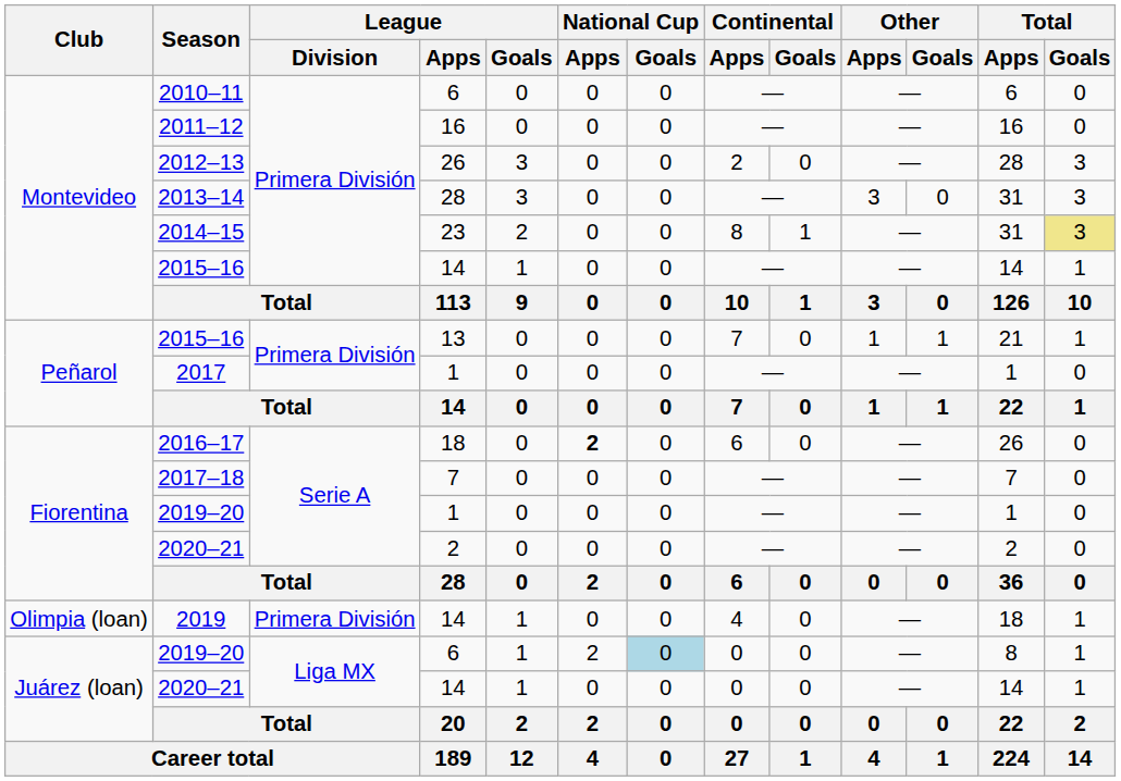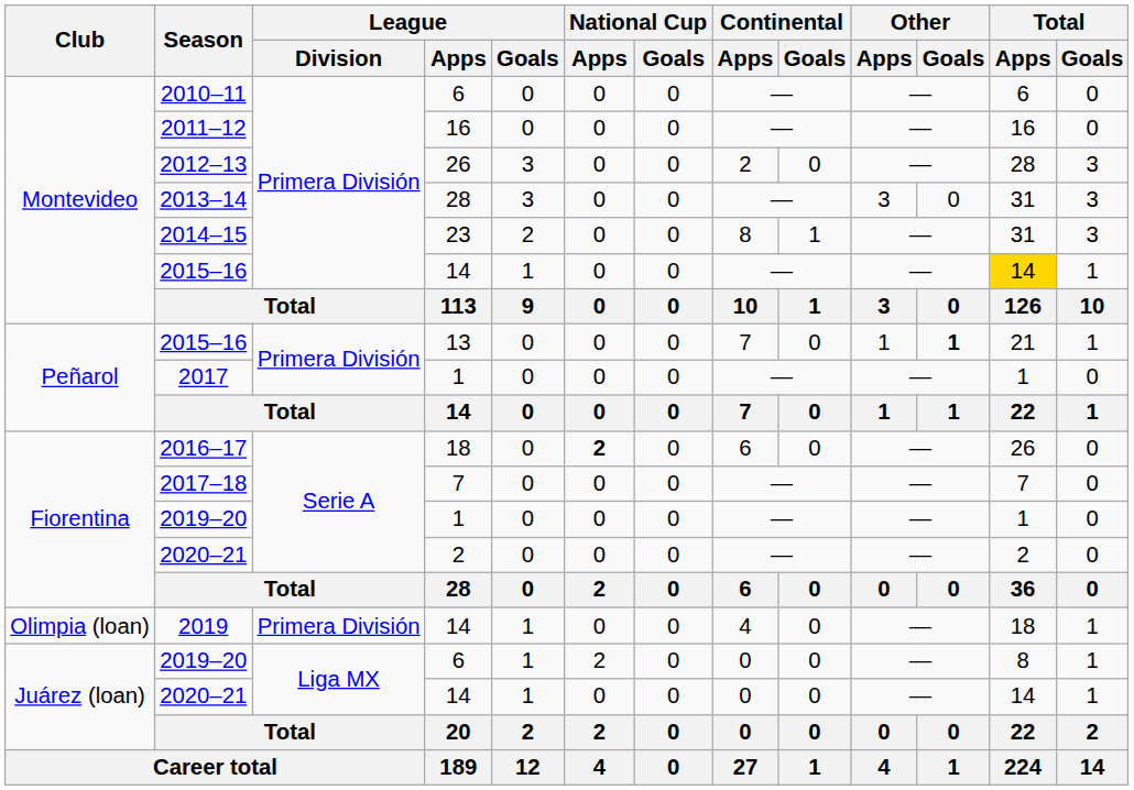 <table class="wikitable" style="text-align: center;">
 <tr>
 <th rowspan="2">Club</th>
 <th rowspan="2">Season</th>
 <th colspan="3">League</th>
 <th colspan="2">National Cup</th>
 <th colspan="2">Continental</th>
 <th colspan="2">Other</th>
 <th colspan="2">Total</th>
 </tr>
 <tr>
 <th>Division</th>
 <th>Apps</th>
 <th>Goals</th>
 <th>Apps</th>
 <th>Goals</th>
 <th>Apps</th>
 <th>Goals</th>
 <th>Apps</th>
 <th>Goals</th>
 <th>Apps</th>
 <th>Goals</th>
 </tr>
 <tr>
 <td rowspan="7"><a href='#'>Montevideo</a></td>
 <td><a href='#'>2010–11</a></td>
 <td rowspan="6"><a href='#'>Primera División</a></td>
 <td>6</td>
 <td>0</td>
 <td>0</td>
 <td>0</td>
 <td colspan="2">—</td>
 <td colspan="2">—</td>
 <td>6</td>
 <td>0</td>
 </tr>
 <tr>
 <td><a href='#'>2011–12</a></td>
 <td>16</td>
 <td>0</td>
 <td>0</td>
 <td>0</td>
 <td colspan="2">—</td>
 <td colspan="2">—</td>
 <td>16</td>
 <td>0</td>
 </tr>
 <tr>
 <td><a href='#'>2012–13</a></td>
 <td>26</td>
 <td>3</td>
 <td>0</td>
 <td>0</td>
 <td>2</td>
 <td>0</td>
 <td colspan="2">—</td>
 <td>28</td>
 <td>3</td>
 </tr>
 <tr>
 <td><a href='#'>2013–14</a></td>
 <td>28</td>
 <td>3</td>
 <td>0</td>
 <td>0</td>
 <td colspan="2">—</td>
 <td>3</td>
 <td>0</td>
 <td>31</td>
 <td>3</td>
 </tr>
 <tr>
 <td><a href='#'>2014–15</a></td>
 <td>23</td>
 <td>2</td>
 <td>0</td>
 <td>0</td>
 <td>8</td>
 <td>1</td>
 <td colspan="2">—</td>
 <td>31</td>
-<td style="background: khaki;">3</td>
+<td>3</td>
 </tr>
 <tr>
 <td><a href='#'>2015–16</a></td>
 <td>14</td>
 <td>1</td>
 <td>0</td>
 <td>0</td>
 <td colspan="2">—</td>
 <td colspan="2">—</td>
-<td>14</td>
+<td style="background: gold;">14</td>
 <td>1</td>
 </tr>
 <tr>
 <th colspan="2">Total</th>
 <th>113</th>
 <th>9</th>
 <th>0</th>
 <th>0</th>
 <th>10</th>
 <th>1</th>
 <th>3</th>
 <th>0</th>
 <th>126</th>
 <th>10</th>
 </tr>
 <tr>
 <td rowspan="3"><a href='#'>Peñarol</a></td>
 <td><a href='#'>2015–16</a></td>
 <td rowspan="2"><a href='#'>Primera División</a></td>
 <td>13</td>
 <td>0</td>
 <td>0</td>
 <td>0</td>
 <td>7</td>
 <td>0</td>
 <td>1</td>
-<td>1</td>
+<td><strong>1</strong></td>
 <td>21</td>
 <td>1</td>
 </tr>
 <tr>
 <td><a href='#'>2017</a></td>
 <td>1</td>
 <td>0</td>
 <td>0</td>
 <td>0</td>
 <td colspan="2">—</td>
 <td colspan="2">—</td>
 <td>1</td>
 <td>0</td>
 </tr>
 <tr>
 <th colspan="2">Total</th>
 <th>14</th>
 <th>0</th>
 <th>0</th>
 <th>0</th>
 <th>7</th>
 <th>0</th>
 <th>1</th>
 <th>1</th>
 <th>22</th>
 <th>1</th>
 </tr>
 <tr>
 <td rowspan="5"><a href='#'>Fiorentina</a></td>
 <td><a href='#'>2016–17</a></td>
 <td rowspan="4"><a href='#'>Serie A</a></td>
 <td>18</td>
 <td>0</td>
 <td><strong>2</strong></td>
 <td>0</td>
 <td>6</td>
 <td>0</td>
 <td colspan="2">—</td>
 <td>26</td>
 <td>0</td>
 </tr>
 <tr>
 <td><a href='#'>2017–18</a></td>
 <td>7</td>
 <td>0</td>
 <td>0</td>
 <td>0</td>
 <td colspan="2">—</td>
 <td colspan="2">—</td>
 <td>7</td>
 <td>0</td>
 </tr>
 <tr>
 <td><a href='#'>2019–20</a></td>
 <td>1</td>
 <td>0</td>
 <td>0</td>
 <td>0</td>
 <td colspan="2">—</td>
 <td colspan="2">—</td>
 <td>1</td>
 <td>0</td>
 </tr>
 <tr>
 <td><a href='#'>2020–21</a></td>
 <td>2</td>
 <td>0</td>
 <td>0</td>
 <td>0</td>
 <td colspan="2">—</td>
 <td colspan="2">—</td>
 <td>2</td>
 <td>0</td>
 </tr>
 <tr>
 <th colspan="2">Total</th>
 <th>28</th>
 <th>0</th>
 <th>2</th>
 <th>0</th>
 <th>6</th>
 <th>0</th>
 <th>0</th>
 <th>0</th>
 <th>36</th>
 <th>0</th>
 </tr>
 <tr>
 <td><a href='#'>Olimpia</a> (loan)</td>
 <td><a href='#'>2019</a></td>
 <td><a href='#'>Primera División</a></td>
 <td>14</td>
 <td>1</td>
 <td>0</td>
 <td>0</td>
 <td>4</td>
 <td>0</td>
 <td colspan="2">—</td>
 <td>18</td>
 <td>1</td>
 </tr>
 <tr>
 <td rowspan="3"><a href='#'>Juárez</a> (loan)</td>
 <td><a href='#'>2019–20</a></td>
 <td rowspan="2"><a href='#'>Liga MX</a></td>
 <td>6</td>
 <td>1</td>
 <td>2</td>
-<td style="background: lightblue;">0</td>
+<td>0</td>
 <td>0</td>
 <td>0</td>
 <td colspan="2">—</td>
 <td>8</td>
 <td>1</td>
 </tr>
 <tr>
 <td><a href='#'>2020–21</a></td>
 <td>14</td>
 <td>1</td>
 <td>0</td>
 <td>0</td>
 <td>0</td>
 <td>0</td>
 <td colspan="2">—</td>
 <td>14</td>
 <td>1</td>
 </tr>
 <tr>
 <th colspan="2">Total</th>
 <th>20</th>
 <th>2</th>
 <th>2</th>
 <th>0</th>
 <th>0</th>
 <th>0</th>
 <th>0</th>
 <th>0</th>
 <th>22</th>
 <th>2</th>
 </tr>
 <tr>
 <th colspan="3">Career total</th>
 <th>189</th>
 <th>12</th>
 <th>4</th>
 <th>0</th>
 <th>27</th>
 <th>1</th>
 <th>4</th>
 <th>1</th>
 <th>224</th>
 <th>14</th>
 </tr>
 </table>
